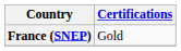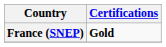 <table class="wikitable sortable plainrowheaders">
 <tr>
 <th scope="col">Country</th>
 <th scope="col"><a href='#'>Certifications</a></th>
 </tr>
 <tr>
 <th scope="row">France (<a href='#'>SNEP</a>)</th>
-<td>Gold</td>
+<td><strong>Gold</strong></td>
 </tr>
 <tr>
 </tr>
 </table>
